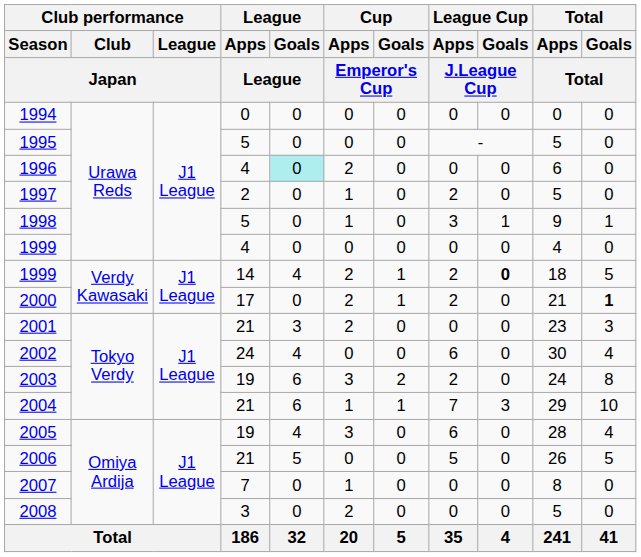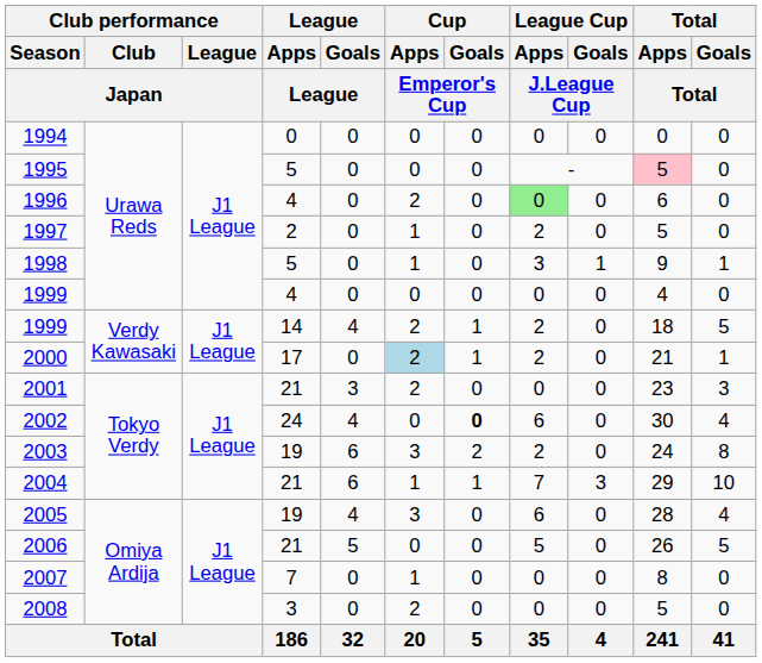 <table class="wikitable" style="text-align:center;">
 <tr>
 <th colspan=3>Club performance</th>
 <th colspan=2>League</th>
 <th colspan=2>Cup</th>
 <th colspan=2>League Cup</th>
 <th colspan=2>Total</th>
 </tr>
 <tr>
 <th>Season</th>
 <th>Club</th>
 <th>League</th>
 <th>Apps</th>
 <th>Goals</th>
 <th>Apps</th>
 <th>Goals</th>
 <th>Apps</th>
 <th>Goals</th>
 <th>Apps</th>
 <th>Goals</th>
 </tr>
 <tr>
 <th colspan=3>Japan</th>
 <th colspan=2>League</th>
 <th colspan=2><a href='#'>Emperor's Cup</a></th>
 <th colspan=2><a href='#'>J.League Cup</a></th>
 <th colspan=2>Total</th>
 </tr>
 <tr>
 <td><a href='#'>1994</a></td>
 <td rowspan="6"><a href='#'>Urawa Reds</a></td>
 <td rowspan="6"><a href='#'>J1 League</a></td>
 <td>0</td>
 <td>0</td>
 <td>0</td>
 <td>0</td>
 <td>0</td>
 <td>0</td>
 <td>0</td>
 <td>0</td>
 </tr>
 <tr>
 <td><a href='#'>1995</a></td>
 <td>5</td>
 <td>0</td>
 <td>0</td>
 <td>0</td>
 <td colspan="2">-</td>
-<td>5</td>
+<td style="background: pink;">5</td>
 <td>0</td>
 </tr>
 <tr>
 <td><a href='#'>1996</a></td>
 <td>4</td>
-<td style="background: paleturquoise;">0</td>
+<td>0</td>
 <td>2</td>
 <td>0</td>
-<td>0</td>
+<td style="background: lightgreen;">0</td>
 <td>0</td>
 <td>6</td>
 <td>0</td>
 </tr>
 <tr>
 <td><a href='#'>1997</a></td>
 <td>2</td>
 <td>0</td>
 <td>1</td>
 <td>0</td>
 <td>2</td>
 <td>0</td>
 <td>5</td>
 <td>0</td>
 </tr>
 <tr>
 <td><a href='#'>1998</a></td>
 <td>5</td>
 <td>0</td>
 <td>1</td>
 <td>0</td>
 <td>3</td>
 <td>1</td>
 <td>9</td>
 <td>1</td>
 </tr>
 <tr>
 <td><a href='#'>1999</a></td>
 <td>4</td>
 <td>0</td>
 <td>0</td>
 <td>0</td>
 <td>0</td>
 <td>0</td>
 <td>4</td>
 <td>0</td>
 </tr>
 <tr>
 <td><a href='#'>1999</a></td>
 <td rowspan="2"><a href='#'>Verdy Kawasaki</a></td>
 <td rowspan="2"><a href='#'>J1 League</a></td>
 <td>14</td>
 <td>4</td>
 <td>2</td>
 <td>1</td>
 <td>2</td>
-<td><strong>0</strong></td>
+<td>0</td>
 <td>18</td>
 <td>5</td>
 </tr>
 <tr>
 <td><a href='#'>2000</a></td>
 <td>17</td>
 <td>0</td>
-<td>2</td>
+<td style="background: lightblue;">2</td>
 <td>1</td>
 <td>2</td>
 <td>0</td>
 <td>21</td>
-<td><strong>1</strong></td>
+<td>1</td>
 </tr>
 <tr>
 <td><a href='#'>2001</a></td>
 <td rowspan="4"><a href='#'>Tokyo Verdy</a></td>
 <td rowspan="4"><a href='#'>J1 League</a></td>
 <td>21</td>
 <td>3</td>
 <td>2</td>
 <td>0</td>
 <td>0</td>
 <td>0</td>
 <td>23</td>
 <td>3</td>
 </tr>
 <tr>
 <td><a href='#'>2002</a></td>
 <td>24</td>
 <td>4</td>
 <td>0</td>
-<td>0</td>
+<td><strong>0</strong></td>
 <td>6</td>
 <td>0</td>
 <td>30</td>
 <td>4</td>
 </tr>
 <tr>
 <td><a href='#'>2003</a></td>
 <td>19</td>
 <td>6</td>
 <td>3</td>
 <td>2</td>
 <td>2</td>
 <td>0</td>
 <td>24</td>
 <td>8</td>
 </tr>
 <tr>
 <td><a href='#'>2004</a></td>
 <td>21</td>
 <td>6</td>
 <td>1</td>
 <td>1</td>
 <td>7</td>
 <td>3</td>
 <td>29</td>
 <td>10</td>
 </tr>
 <tr>
 <td><a href='#'>2005</a></td>
 <td rowspan="4"><a href='#'>Omiya Ardija</a></td>
 <td rowspan="4"><a href='#'>J1 League</a></td>
 <td>19</td>
 <td>4</td>
 <td>3</td>
 <td>0</td>
 <td>6</td>
 <td>0</td>
 <td>28</td>
 <td>4</td>
 </tr>
 <tr>
 <td><a href='#'>2006</a></td>
 <td>21</td>
 <td>5</td>
 <td>0</td>
 <td>0</td>
 <td>5</td>
 <td>0</td>
 <td>26</td>
 <td>5</td>
 </tr>
 <tr>
 <td><a href='#'>2007</a></td>
 <td>7</td>
 <td>0</td>
 <td>1</td>
 <td>0</td>
 <td>0</td>
 <td>0</td>
 <td>8</td>
 <td>0</td>
 </tr>
 <tr>
 <td><a href='#'>2008</a></td>
 <td>3</td>
 <td>0</td>
 <td>2</td>
 <td>0</td>
 <td>0</td>
 <td>0</td>
 <td>5</td>
 <td>0</td>
 </tr>
 <tr>
 <th colspan=3>Total</th>
 <th>186</th>
 <th>32</th>
 <th>20</th>
 <th>5</th>
 <th>35</th>
 <th>4</th>
 <th>241</th>
 <th>41</th>
 </tr>
 </table>
